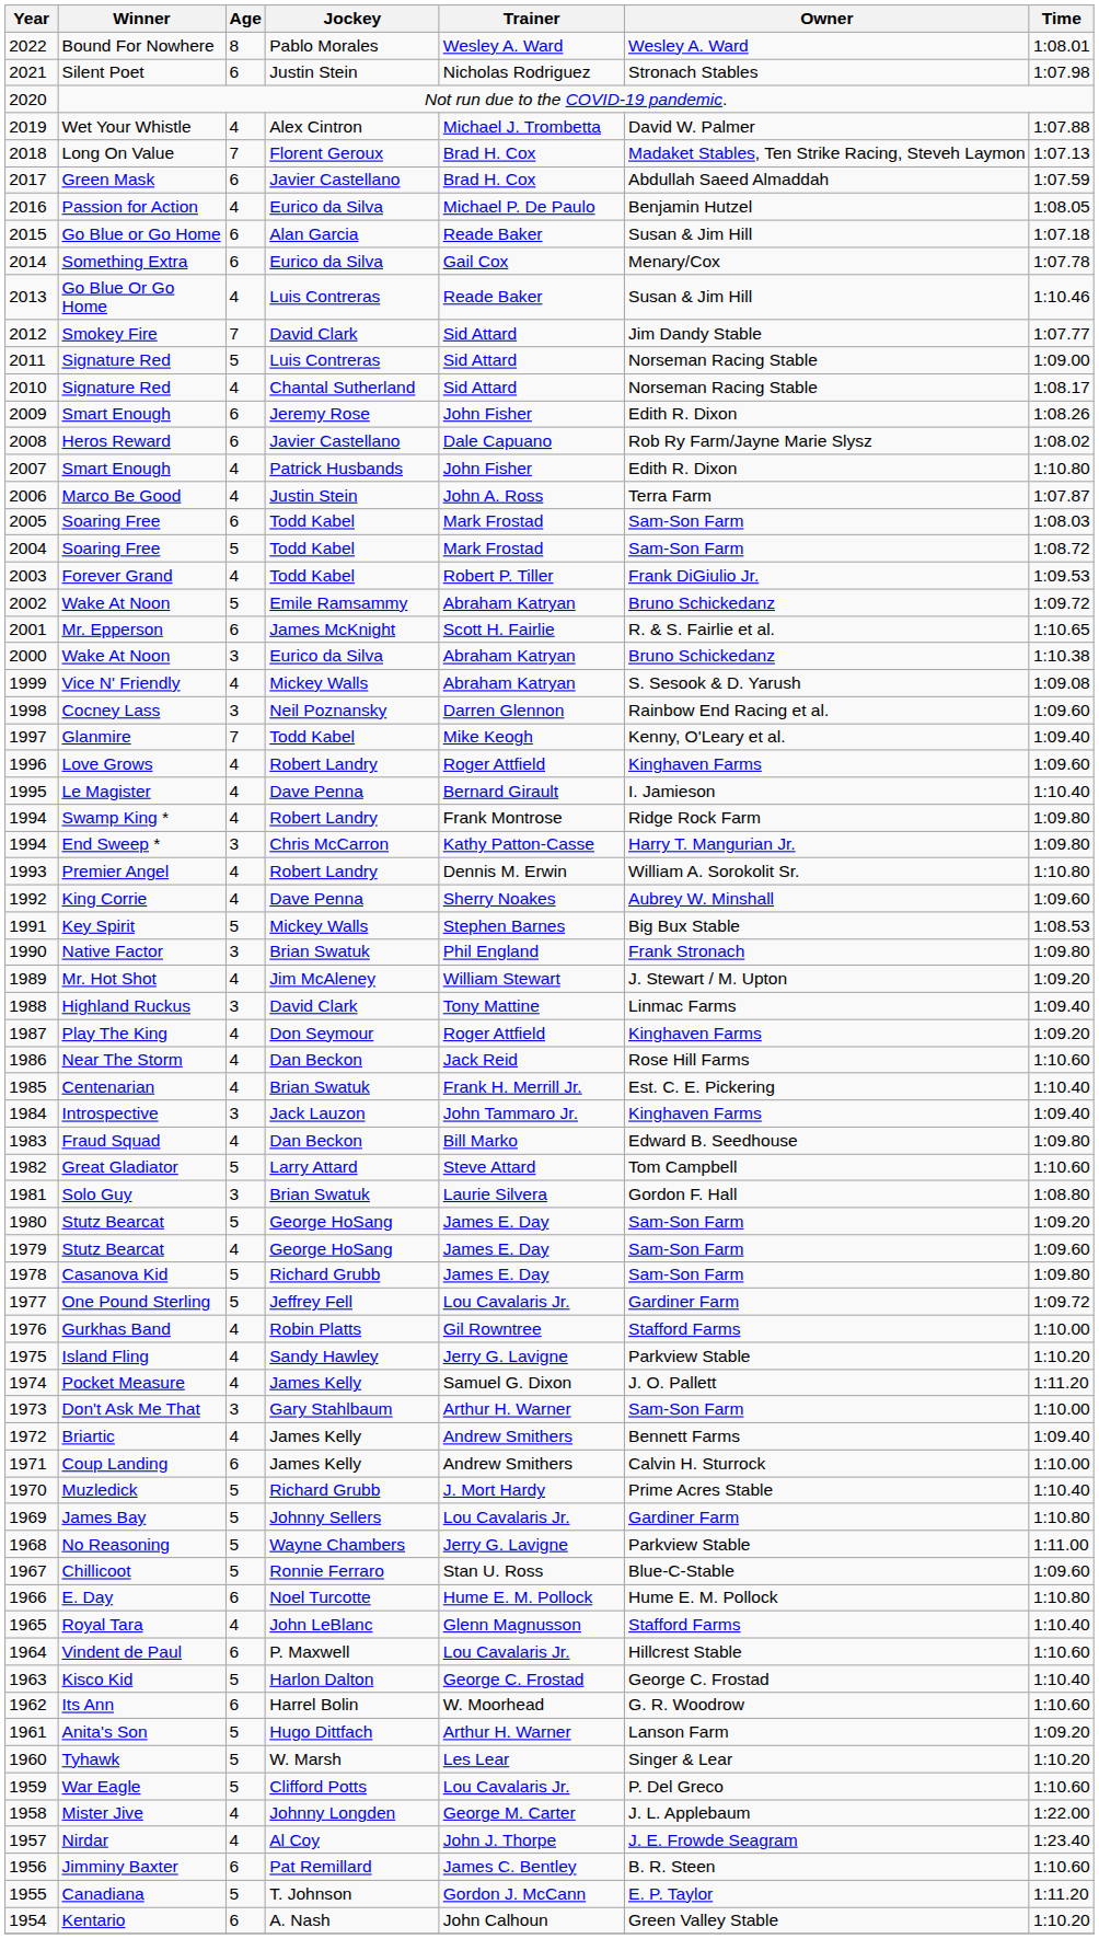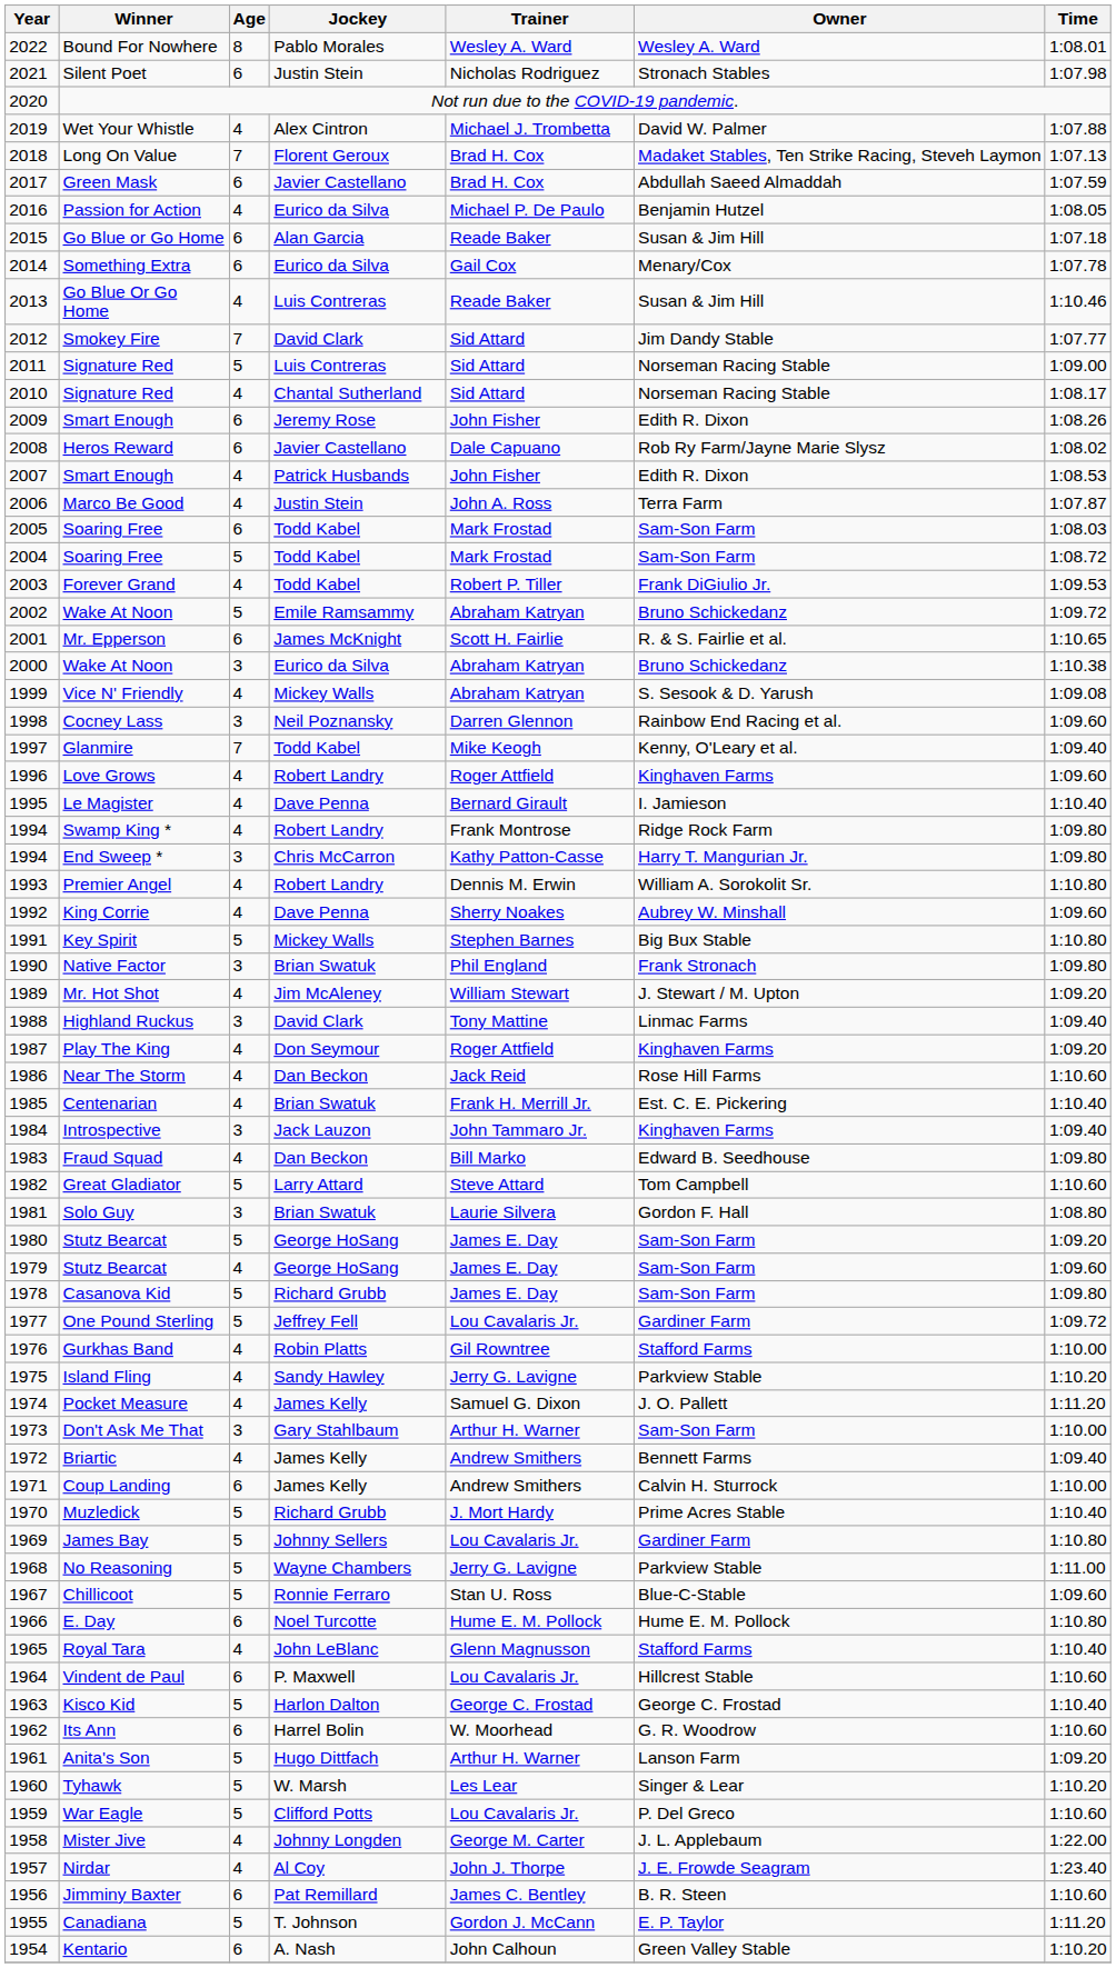 <table class="wikitable sortable" style="font-size:90%">
 <tr>
 <th width="38px">Year<br></th>
 <th width="135px">Winner<br></th>
 <th>Age<br></th>
 <th width="140px">Jockey<br></th>
 <th width="150px">Trainer<br></th>
 <th>Owner<br></th>
 <th>Time</th>
 </tr>
 <tr>
 <td>2022</td>
 <td>Bound For Nowhere</td>
 <td>8</td>
 <td>Pablo Morales</td>
 <td><a href='#'>Wesley A. Ward</a></td>
 <td><a href='#'>Wesley A. Ward</a></td>
 <td>1:08.01</td>
 </tr>
 <tr>
 <td>2021</td>
 <td>Silent Poet</td>
 <td>6</td>
 <td>Justin Stein</td>
 <td>Nicholas Rodriguez</td>
 <td>Stronach Stables</td>
 <td>1:07.98</td>
 </tr>
 <tr>
 <td>2020</td>
 <td align=center colspan=8><em>Not run due to the <a href='#'>COVID-19 pandemic</a></em>.</td>
 </tr>
 <tr>
 <td>2019</td>
 <td>Wet Your Whistle</td>
 <td>4</td>
 <td>Alex Cintron</td>
 <td><a href='#'>Michael J. Trombetta</a></td>
 <td>David W. Palmer</td>
 <td>1:07.88</td>
 </tr>
 <tr>
 <td>2018</td>
 <td>Long On Value</td>
 <td>7</td>
 <td><a href='#'>Florent Geroux</a></td>
 <td><a href='#'>Brad H. Cox</a></td>
 <td><a href='#'>Madaket Stables</a>, Ten Strike Racing, Steveh Laymon</td>
 <td>1:07.13</td>
 </tr>
 <tr>
 <td>2017</td>
 <td><a href='#'>Green Mask</a></td>
 <td>6</td>
 <td><a href='#'>Javier Castellano</a></td>
 <td><a href='#'>Brad H. Cox</a></td>
 <td>Abdullah Saeed Almaddah</td>
 <td>1:07.59</td>
 </tr>
 <tr>
 <td>2016</td>
 <td><a href='#'>Passion for Action</a></td>
 <td>4</td>
 <td><a href='#'>Eurico da Silva</a></td>
 <td><a href='#'>Michael P. De Paulo</a></td>
 <td>Benjamin Hutzel</td>
 <td>1:08.05</td>
 </tr>
 <tr>
 <td>2015</td>
 <td><a href='#'>Go Blue or Go Home</a></td>
 <td>6</td>
 <td><a href='#'>Alan Garcia</a></td>
 <td><a href='#'>Reade Baker</a></td>
 <td>Susan & Jim Hill</td>
 <td>1:07.18</td>
 </tr>
 <tr>
 <td>2014</td>
 <td><a href='#'>Something Extra</a></td>
 <td>6</td>
 <td><a href='#'>Eurico da Silva</a></td>
 <td><a href='#'>Gail Cox</a></td>
 <td>Menary/Cox</td>
 <td>1:07.78</td>
 </tr>
 <tr>
 <td>2013</td>
 <td><a href='#'>Go Blue Or Go Home</a></td>
 <td>4</td>
 <td><a href='#'>Luis Contreras</a></td>
 <td><a href='#'>Reade Baker</a></td>
 <td>Susan & Jim Hill</td>
 <td>1:10.46</td>
 </tr>
 <tr>
 <td>2012</td>
 <td><a href='#'>Smokey Fire</a></td>
 <td>7</td>
 <td><a href='#'>David Clark</a></td>
 <td><a href='#'>Sid Attard</a></td>
 <td>Jim Dandy Stable</td>
 <td>1:07.77</td>
 </tr>
 <tr>
 <td>2011</td>
 <td><a href='#'>Signature Red</a></td>
 <td>5</td>
 <td><a href='#'>Luis Contreras</a></td>
 <td><a href='#'>Sid Attard</a></td>
 <td>Norseman Racing Stable</td>
 <td>1:09.00</td>
 </tr>
 <tr>
 <td>2010</td>
 <td><a href='#'>Signature Red</a></td>
 <td>4</td>
 <td><a href='#'>Chantal Sutherland</a></td>
 <td><a href='#'>Sid Attard</a></td>
 <td>Norseman Racing Stable</td>
 <td>1:08.17</td>
 </tr>
 <tr>
 <td>2009</td>
 <td><a href='#'>Smart Enough</a></td>
 <td>6</td>
 <td><a href='#'>Jeremy Rose</a></td>
 <td><a href='#'>John Fisher</a></td>
 <td>Edith R. Dixon</td>
 <td>1:08.26</td>
 </tr>
 <tr>
 <td>2008</td>
 <td><a href='#'>Heros Reward</a></td>
 <td>6</td>
 <td><a href='#'>Javier Castellano</a></td>
 <td><a href='#'>Dale Capuano</a></td>
 <td>Rob Ry Farm/Jayne Marie Slysz</td>
 <td>1:08.02</td>
 </tr>
 <tr>
 <td>2007</td>
 <td><a href='#'>Smart Enough</a></td>
 <td>4</td>
 <td><a href='#'>Patrick Husbands</a></td>
 <td><a href='#'>John Fisher</a></td>
 <td>Edith R. Dixon</td>
-<td>1:10.80</td>
+<td>1:08.53</td>
 </tr>
 <tr>
 <td>2006</td>
 <td><a href='#'>Marco Be Good</a></td>
 <td>4</td>
 <td><a href='#'>Justin Stein</a></td>
 <td><a href='#'>John A. Ross</a></td>
 <td>Terra Farm</td>
 <td>1:07.87</td>
 </tr>
 <tr>
 <td>2005</td>
 <td><a href='#'>Soaring Free</a></td>
 <td>6</td>
 <td><a href='#'>Todd Kabel</a></td>
 <td><a href='#'>Mark Frostad</a></td>
 <td><a href='#'>Sam-Son Farm</a></td>
 <td>1:08.03</td>
 </tr>
 <tr>
 <td>2004</td>
 <td><a href='#'>Soaring Free</a></td>
 <td>5</td>
 <td><a href='#'>Todd Kabel</a></td>
 <td><a href='#'>Mark Frostad</a></td>
 <td><a href='#'>Sam-Son Farm</a></td>
 <td>1:08.72</td>
 </tr>
 <tr>
 <td>2003</td>
 <td><a href='#'>Forever Grand</a></td>
 <td>4</td>
 <td><a href='#'>Todd Kabel</a></td>
 <td><a href='#'>Robert P. Tiller</a></td>
 <td><a href='#'>Frank DiGiulio Jr.</a></td>
 <td>1:09.53</td>
 </tr>
 <tr>
 <td>2002</td>
 <td><a href='#'>Wake At Noon</a></td>
 <td>5</td>
 <td><a href='#'>Emile Ramsammy</a></td>
 <td><a href='#'>Abraham Katryan</a></td>
 <td><a href='#'>Bruno Schickedanz</a></td>
 <td>1:09.72</td>
 </tr>
 <tr>
 <td>2001</td>
 <td><a href='#'>Mr. Epperson</a></td>
 <td>6</td>
 <td><a href='#'>James McKnight</a></td>
 <td><a href='#'>Scott H. Fairlie</a></td>
 <td>R. & S. Fairlie et al.</td>
 <td>1:10.65</td>
 </tr>
 <tr>
 <td>2000</td>
 <td><a href='#'>Wake At Noon</a></td>
 <td>3</td>
 <td><a href='#'>Eurico da Silva</a></td>
 <td><a href='#'>Abraham Katryan</a></td>
 <td><a href='#'>Bruno Schickedanz</a></td>
 <td>1:10.38</td>
 </tr>
 <tr>
 <td>1999</td>
 <td><a href='#'>Vice N' Friendly</a></td>
 <td>4</td>
 <td><a href='#'>Mickey Walls</a></td>
 <td><a href='#'>Abraham Katryan</a></td>
 <td>S. Sesook & D. Yarush</td>
 <td>1:09.08</td>
 </tr>
 <tr>
 <td>1998</td>
 <td><a href='#'>Cocney Lass</a></td>
 <td>3</td>
 <td><a href='#'>Neil Poznansky</a></td>
 <td><a href='#'>Darren Glennon</a></td>
 <td>Rainbow End Racing et al.</td>
 <td>1:09.60</td>
 </tr>
 <tr>
 <td>1997</td>
 <td><a href='#'>Glanmire</a></td>
 <td>7</td>
 <td><a href='#'>Todd Kabel</a></td>
 <td><a href='#'>Mike Keogh</a></td>
 <td>Kenny, O'Leary et al.</td>
 <td>1:09.40</td>
 </tr>
 <tr>
 <td>1996</td>
 <td><a href='#'>Love Grows</a></td>
 <td>4</td>
 <td><a href='#'>Robert Landry</a></td>
 <td><a href='#'>Roger Attfield</a></td>
 <td><a href='#'>Kinghaven Farms</a></td>
 <td>1:09.60</td>
 </tr>
 <tr>
 <td>1995</td>
 <td><a href='#'>Le Magister</a></td>
 <td>4</td>
 <td><a href='#'>Dave Penna</a></td>
 <td><a href='#'>Bernard Girault</a></td>
 <td>I. Jamieson</td>
 <td>1:10.40</td>
 </tr>
 <tr>
 <td>1994</td>
 <td><a href='#'>Swamp King</a> *</td>
 <td>4</td>
 <td><a href='#'>Robert Landry</a></td>
 <td>Frank Montrose</td>
 <td>Ridge Rock Farm</td>
 <td>1:09.80</td>
 </tr>
 <tr>
 <td>1994</td>
 <td><a href='#'>End Sweep</a> *</td>
 <td>3</td>
 <td><a href='#'>Chris McCarron</a></td>
 <td><a href='#'>Kathy Patton-Casse</a></td>
 <td><a href='#'>Harry T. Mangurian Jr.</a></td>
 <td>1:09.80</td>
 </tr>
 <tr>
 <td>1993</td>
 <td><a href='#'>Premier Angel</a></td>
 <td>4</td>
 <td><a href='#'>Robert Landry</a></td>
 <td>Dennis M. Erwin</td>
 <td>William A. Sorokolit Sr.</td>
 <td>1:10.80</td>
 </tr>
 <tr>
 <td>1992</td>
 <td><a href='#'>King Corrie</a></td>
 <td>4</td>
 <td><a href='#'>Dave Penna</a></td>
 <td><a href='#'>Sherry Noakes</a></td>
 <td><a href='#'>Aubrey W. Minshall</a></td>
 <td>1:09.60</td>
 </tr>
 <tr>
 <td>1991</td>
 <td><a href='#'>Key Spirit</a></td>
 <td>5</td>
 <td><a href='#'>Mickey Walls</a></td>
 <td><a href='#'>Stephen Barnes</a></td>
 <td>Big Bux Stable</td>
-<td>1:08.53</td>
+<td>1:10.80</td>
 </tr>
 <tr>
 <td>1990</td>
 <td><a href='#'>Native Factor</a></td>
 <td>3</td>
 <td><a href='#'>Brian Swatuk</a></td>
 <td><a href='#'>Phil England</a></td>
 <td><a href='#'>Frank Stronach</a></td>
 <td>1:09.80</td>
 </tr>
 <tr>
 <td>1989</td>
 <td><a href='#'>Mr. Hot Shot</a></td>
 <td>4</td>
 <td><a href='#'>Jim McAleney</a></td>
 <td><a href='#'>William Stewart</a></td>
 <td>J. Stewart / M. Upton</td>
 <td>1:09.20</td>
 </tr>
 <tr>
 <td>1988</td>
 <td><a href='#'>Highland Ruckus</a></td>
 <td>3</td>
 <td><a href='#'>David Clark</a></td>
 <td><a href='#'>Tony Mattine</a></td>
 <td>Linmac Farms</td>
 <td>1:09.40</td>
 </tr>
 <tr>
 <td>1987</td>
 <td><a href='#'>Play The King</a></td>
 <td>4</td>
 <td><a href='#'>Don Seymour</a></td>
 <td><a href='#'>Roger Attfield</a></td>
 <td><a href='#'>Kinghaven Farms</a></td>
 <td>1:09.20</td>
 </tr>
 <tr>
 <td>1986</td>
 <td><a href='#'>Near The Storm</a></td>
 <td>4</td>
 <td><a href='#'>Dan Beckon</a></td>
 <td><a href='#'>Jack Reid</a></td>
 <td>Rose Hill Farms</td>
 <td>1:10.60</td>
 </tr>
 <tr>
 <td>1985</td>
 <td><a href='#'>Centenarian</a></td>
 <td>4</td>
 <td><a href='#'>Brian Swatuk</a></td>
 <td><a href='#'>Frank H. Merrill Jr.</a></td>
 <td>Est. C. E. Pickering</td>
 <td>1:10.40</td>
 </tr>
 <tr>
 <td>1984</td>
 <td><a href='#'>Introspective</a></td>
 <td>3</td>
 <td><a href='#'>Jack Lauzon</a></td>
 <td><a href='#'>John Tammaro Jr.</a></td>
 <td><a href='#'>Kinghaven Farms</a></td>
 <td>1:09.40</td>
 </tr>
 <tr>
 <td>1983</td>
 <td><a href='#'>Fraud Squad</a></td>
 <td>4</td>
 <td><a href='#'>Dan Beckon</a></td>
 <td><a href='#'>Bill Marko</a></td>
 <td>Edward B. Seedhouse</td>
 <td>1:09.80</td>
 </tr>
 <tr>
 <td>1982</td>
 <td><a href='#'>Great Gladiator</a></td>
 <td>5</td>
 <td><a href='#'>Larry Attard</a></td>
 <td><a href='#'>Steve Attard</a></td>
 <td>Tom Campbell</td>
 <td>1:10.60</td>
 </tr>
 <tr>
 <td>1981</td>
 <td><a href='#'>Solo Guy</a></td>
 <td>3</td>
 <td><a href='#'>Brian Swatuk</a></td>
 <td><a href='#'>Laurie Silvera</a></td>
 <td>Gordon F. Hall</td>
 <td>1:08.80</td>
 </tr>
 <tr>
 <td>1980</td>
 <td><a href='#'>Stutz Bearcat</a></td>
 <td>5</td>
 <td><a href='#'>George HoSang</a></td>
 <td><a href='#'>James E. Day</a></td>
 <td><a href='#'>Sam-Son Farm</a></td>
 <td>1:09.20</td>
 </tr>
 <tr>
 <td>1979</td>
 <td><a href='#'>Stutz Bearcat</a></td>
 <td>4</td>
 <td><a href='#'>George HoSang</a></td>
 <td><a href='#'>James E. Day</a></td>
 <td><a href='#'>Sam-Son Farm</a></td>
 <td>1:09.60</td>
 </tr>
 <tr>
 <td>1978</td>
 <td><a href='#'>Casanova Kid</a></td>
 <td>5</td>
 <td><a href='#'>Richard Grubb</a></td>
 <td><a href='#'>James E. Day</a></td>
 <td><a href='#'>Sam-Son Farm</a></td>
 <td>1:09.80</td>
 </tr>
 <tr>
 <td>1977</td>
 <td><a href='#'>One Pound Sterling</a></td>
 <td>5</td>
 <td><a href='#'>Jeffrey Fell</a></td>
 <td><a href='#'>Lou Cavalaris Jr.</a></td>
 <td><a href='#'>Gardiner Farm</a></td>
 <td>1:09.72</td>
 </tr>
 <tr>
 <td>1976</td>
 <td><a href='#'>Gurkhas Band</a></td>
 <td>4</td>
 <td><a href='#'>Robin Platts</a></td>
 <td><a href='#'>Gil Rowntree</a></td>
 <td><a href='#'>Stafford Farms</a></td>
 <td>1:10.00</td>
 </tr>
 <tr>
 <td>1975</td>
 <td><a href='#'>Island Fling</a></td>
 <td>4</td>
 <td><a href='#'>Sandy Hawley</a></td>
 <td><a href='#'>Jerry G. Lavigne</a></td>
 <td>Parkview Stable</td>
 <td>1:10.20</td>
 </tr>
 <tr>
 <td>1974</td>
 <td><a href='#'>Pocket Measure</a></td>
 <td>4</td>
 <td><a href='#'>James Kelly</a></td>
 <td>Samuel G. Dixon</td>
 <td>J. O. Pallett</td>
 <td>1:11.20</td>
 </tr>
 <tr>
 <td>1973</td>
 <td><a href='#'>Don't Ask Me That</a></td>
 <td>3</td>
 <td><a href='#'>Gary Stahlbaum</a></td>
 <td><a href='#'>Arthur H. Warner</a></td>
 <td><a href='#'>Sam-Son Farm</a></td>
 <td>1:10.00</td>
 </tr>
 <tr>
 <td>1972</td>
 <td><a href='#'>Briartic</a></td>
 <td>4</td>
 <td>James Kelly</td>
 <td><a href='#'>Andrew Smithers</a></td>
 <td>Bennett Farms</td>
 <td>1:09.40</td>
 </tr>
 <tr>
 <td>1971</td>
 <td><a href='#'>Coup Landing</a></td>
 <td>6</td>
 <td>James Kelly</td>
 <td>Andrew Smithers</td>
 <td>Calvin H. Sturrock</td>
 <td>1:10.00</td>
 </tr>
 <tr>
 <td>1970</td>
 <td><a href='#'>Muzledick</a></td>
 <td>5</td>
 <td><a href='#'>Richard Grubb</a></td>
 <td><a href='#'>J. Mort Hardy</a></td>
 <td>Prime Acres Stable</td>
 <td>1:10.40</td>
 </tr>
 <tr>
 <td>1969</td>
 <td><a href='#'>James Bay</a></td>
 <td>5</td>
 <td><a href='#'>Johnny Sellers</a></td>
 <td><a href='#'>Lou Cavalaris Jr.</a></td>
 <td><a href='#'>Gardiner Farm</a></td>
 <td>1:10.80</td>
 </tr>
 <tr>
 <td>1968</td>
 <td><a href='#'>No Reasoning</a></td>
 <td>5</td>
 <td><a href='#'>Wayne Chambers</a></td>
 <td><a href='#'>Jerry G. Lavigne</a></td>
 <td>Parkview Stable</td>
 <td>1:11.00</td>
 </tr>
 <tr>
 <td>1967</td>
 <td><a href='#'>Chillicoot</a></td>
 <td>5</td>
 <td><a href='#'>Ronnie Ferraro</a></td>
 <td>Stan U. Ross</td>
 <td>Blue-C-Stable</td>
 <td>1:09.60</td>
 </tr>
 <tr>
 <td>1966</td>
 <td><a href='#'>E. Day</a></td>
 <td>6</td>
 <td><a href='#'>Noel Turcotte</a></td>
 <td><a href='#'>Hume E. M. Pollock</a></td>
 <td>Hume E. M. Pollock</td>
 <td>1:10.80</td>
 </tr>
 <tr>
 <td>1965</td>
 <td><a href='#'>Royal Tara</a></td>
 <td>4</td>
 <td><a href='#'>John LeBlanc</a></td>
 <td><a href='#'>Glenn Magnusson</a></td>
 <td><a href='#'>Stafford Farms</a></td>
 <td>1:10.40</td>
 </tr>
 <tr>
 <td>1964</td>
 <td><a href='#'>Vindent de Paul</a></td>
 <td>6</td>
 <td>P. Maxwell</td>
 <td><a href='#'>Lou Cavalaris Jr.</a></td>
 <td>Hillcrest Stable</td>
 <td>1:10.60</td>
 </tr>
 <tr>
 <td>1963</td>
 <td><a href='#'>Kisco Kid</a></td>
 <td>5</td>
 <td><a href='#'>Harlon Dalton</a></td>
 <td><a href='#'>George C. Frostad</a></td>
 <td>George C. Frostad</td>
 <td>1:10.40</td>
 </tr>
 <tr>
 <td>1962</td>
 <td><a href='#'>Its Ann</a></td>
 <td>6</td>
 <td>Harrel Bolin</td>
 <td>W. Moorhead</td>
 <td>G. R. Woodrow</td>
 <td>1:10.60</td>
 </tr>
 <tr>
 <td>1961</td>
 <td><a href='#'>Anita's Son</a></td>
 <td>5</td>
 <td><a href='#'>Hugo Dittfach</a></td>
 <td><a href='#'>Arthur H. Warner</a></td>
 <td>Lanson Farm</td>
 <td>1:09.20</td>
 </tr>
 <tr>
 <td>1960</td>
 <td><a href='#'>Tyhawk</a></td>
 <td>5</td>
 <td>W. Marsh</td>
 <td><a href='#'>Les Lear</a></td>
 <td>Singer & Lear</td>
 <td>1:10.20</td>
 </tr>
 <tr>
 <td>1959</td>
 <td><a href='#'>War Eagle</a></td>
 <td>5</td>
 <td><a href='#'>Clifford Potts</a></td>
 <td><a href='#'>Lou Cavalaris Jr.</a></td>
 <td>P. Del Greco</td>
 <td>1:10.60</td>
 </tr>
 <tr>
 <td>1958</td>
 <td><a href='#'>Mister Jive</a></td>
 <td>4</td>
 <td><a href='#'>Johnny Longden</a></td>
 <td><a href='#'>George M. Carter</a></td>
 <td>J. L. Applebaum</td>
 <td>1:22.00</td>
 </tr>
 <tr>
 <td>1957</td>
 <td><a href='#'>Nirdar</a></td>
 <td>4</td>
 <td><a href='#'>Al Coy</a></td>
 <td><a href='#'>John J. Thorpe</a></td>
 <td><a href='#'>J. E. Frowde Seagram</a></td>
 <td>1:23.40</td>
 </tr>
 <tr>
 <td>1956</td>
 <td><a href='#'>Jimminy Baxter</a></td>
 <td>6</td>
 <td><a href='#'>Pat Remillard</a></td>
 <td><a href='#'>James C. Bentley</a></td>
 <td>B. R. Steen</td>
 <td>1:10.60</td>
 </tr>
 <tr>
 <td>1955</td>
 <td><a href='#'>Canadiana</a></td>
 <td>5</td>
 <td>T. Johnson</td>
 <td><a href='#'>Gordon J. McCann</a></td>
 <td><a href='#'>E. P. Taylor</a></td>
 <td>1:11.20</td>
 </tr>
 <tr>
 <td>1954</td>
 <td><a href='#'>Kentario</a></td>
 <td>6</td>
 <td>A. Nash</td>
 <td>John Calhoun</td>
 <td>Green Valley Stable</td>
 <td>1:10.20</td>
 </tr>
 <tr>
 </tr>
 </table>
